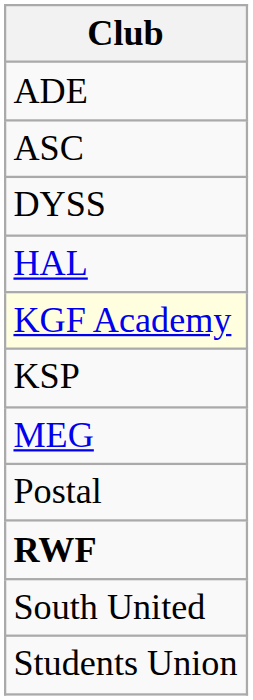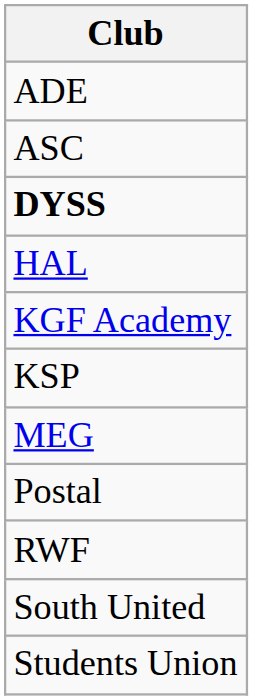 <table class="wikitable" style="text-align:center;">
 <tr>
 <th>Club</th>
 </tr>
 <tr>
 <td style="text-align:left;">ADE</td>
 </tr>
 <tr>
 <td style="text-align:left;">ASC</td>
 </tr>
 <tr>
-<td style="text-align:left;">DYSS</td>
+<td style="text-align:left;"><strong>DYSS</strong></td>
 </tr>
 <tr>
 <td style="text-align:left;"><a href='#'>HAL</a></td>
 </tr>
 <tr>
-<td style="background: lightyellow; text-align:left;"><a href='#'>KGF Academy</a></td>
+<td style="text-align:left;"><a href='#'>KGF Academy</a></td>
 </tr>
 <tr>
 <td style="text-align:left;">KSP</td>
 </tr>
 <tr>
 <td style="text-align:left;"><a href='#'>MEG</a></td>
 </tr>
 <tr>
 <td style="text-align:left;">Postal</td>
 </tr>
 <tr>
-<td style="text-align:left;"><strong>RWF</strong></td>
+<td style="text-align:left;">RWF</td>
 </tr>
 <tr>
 <td style="text-align:left;">South United</td>
 </tr>
 <tr>
 <td style="text-align:left;">Students Union</td>
 </tr>
 </table>
